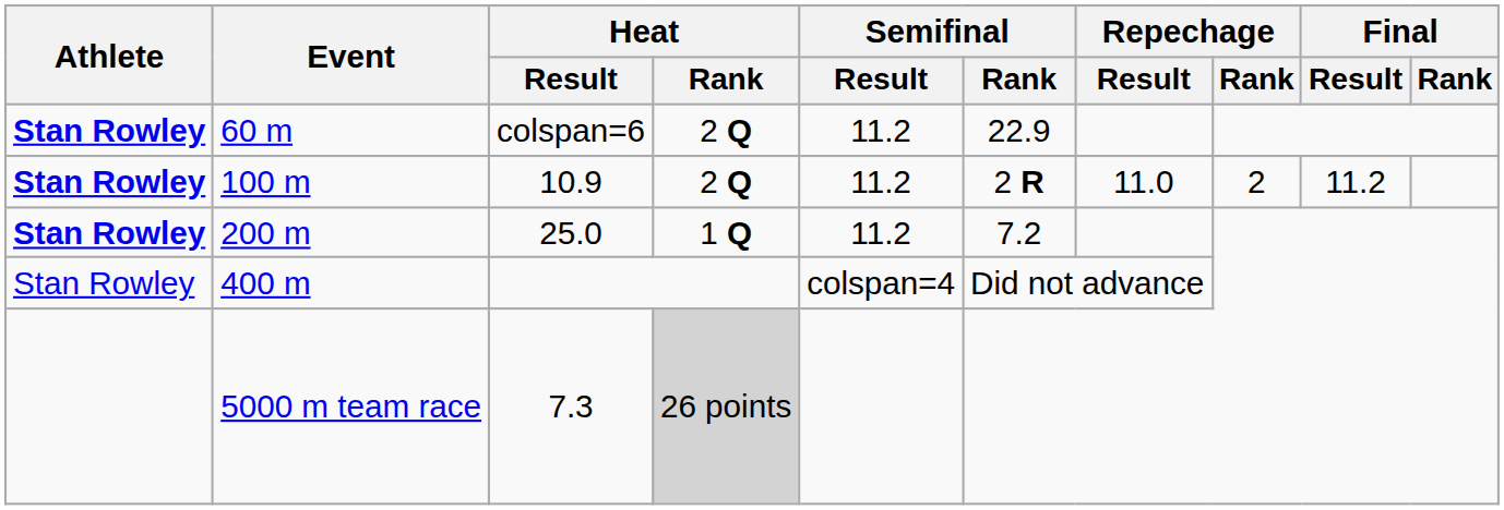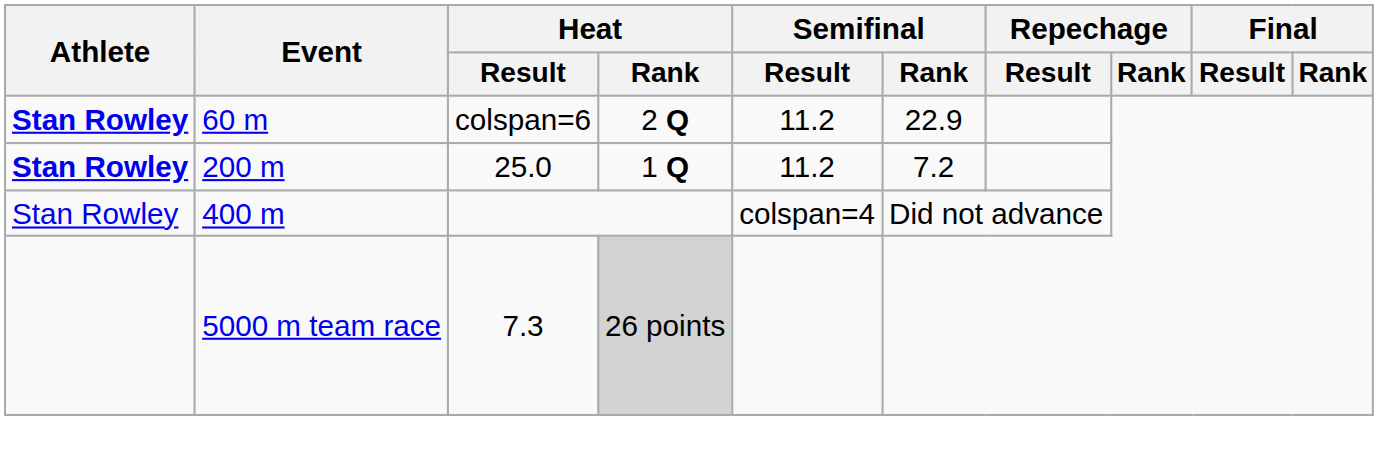 <table class="wikitable" style="font-size:90%">
 <tr>
 <th rowspan="2">Athlete</th>
 <th rowspan="2">Event</th>
 <th colspan="2">Heat</th>
 <th colspan="2">Semifinal</th>
 <th colspan="2">Repechage</th>
 <th colspan="2">Final</th>
 </tr>
 <tr style="font-size:95%">
 <th>Result</th>
 <th>Rank</th>
 <th>Result</th>
 <th>Rank</th>
 <th>Result</th>
 <th>Rank</th>
 <th>Result</th>
 <th>Rank</th>
 </tr>
 <tr align=center>
 <td align="left"><strong><a href='#'>Stan Rowley</a></strong></td>
 <td align="left"><a href='#'>60 m</a></td>
 <td>colspan=6 </td>
 <td>2 <strong>Q</strong></td>
 <td>11.2</td>
 <td>22.9</td>
 <td></td>
 </tr>
 <tr align=center>
 <td align="left"><strong><a href='#'>Stan Rowley</a></strong></td>
-<td align="left"><a href='#'>100 m</a></td>
-<td>10.9</td>
-<td>2 <strong>Q</strong></td>
-<td>11.2</td>
-<td>2 <strong>R</strong></td>
-<td>11.0</td>
-<td>2</td>
-<td>11.2</td>
-<td></td>
-</tr>
-<tr align=center>
-<td align="left"><strong><a href='#'>Stan Rowley</a></strong></td>
 <td align="left"><a href='#'>200 m</a></td>
 <td>25.0</td>
 <td>1 <strong>Q</strong></td>
 <td>11.2</td>
 <td>7.2</td>
 <td></td>
 </tr>
 <tr align=center>
 <td align="left"><a href='#'>Stan Rowley</a></td>
 <td align="left"><a href='#'>400 m</a></td>
 <td colspan=2></td>
 <td>colspan=4 </td>
 <td colspan=2>Did not advance</td>
 </tr>
 <tr align=center>
 <td align="left"><br><br><br><br><br></td>
 <td align="left"><a href='#'>5000 m team race</a></td>
 <td>7.3</td>
 <td style="background: lightgrey;">26 points</td>
 <td></td>
 </tr>
 </table>
